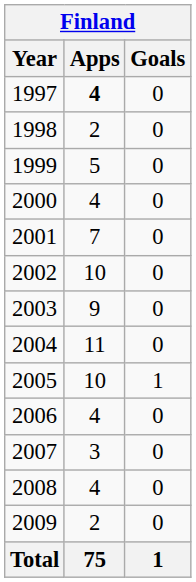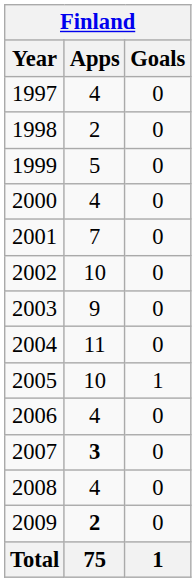 <table class=wikitable style=text-align:center>
 <tr>
 <th colspan=4><a href='#'>Finland</a></th>
 </tr>
 <tr>
 <th>Year</th>
 <th>Apps</th>
 <th>Goals</th>
 </tr>
 <tr>
 <td>1997</td>
-<td><strong>4</strong></td>
+<td>4</td>
 <td>0</td>
 </tr>
 <tr>
 <td>1998</td>
 <td>2</td>
 <td>0</td>
 </tr>
 <tr>
 <td>1999</td>
 <td>5</td>
 <td>0</td>
 </tr>
 <tr>
 <td>2000</td>
 <td>4</td>
 <td>0</td>
 </tr>
 <tr>
 <td>2001</td>
 <td>7</td>
 <td>0</td>
 </tr>
 <tr>
 <td>2002</td>
 <td>10</td>
 <td>0</td>
 </tr>
 <tr>
 <td>2003</td>
 <td>9</td>
 <td>0</td>
 </tr>
 <tr>
 <td>2004</td>
 <td>11</td>
 <td>0</td>
 </tr>
 <tr>
 <td>2005</td>
 <td>10</td>
 <td>1</td>
 </tr>
 <tr>
 <td>2006</td>
 <td>4</td>
 <td>0</td>
 </tr>
 <tr>
 <td>2007</td>
-<td>3</td>
+<td><strong>3</strong></td>
 <td>0</td>
 </tr>
 <tr>
 <td>2008</td>
 <td>4</td>
 <td>0</td>
 </tr>
 <tr>
 <td>2009</td>
-<td>2</td>
+<td><strong>2</strong></td>
 <td>0</td>
 </tr>
 <tr>
 <th colspan=1>Total</th>
 <th>75</th>
 <th>1</th>
 </tr>
 </table>
